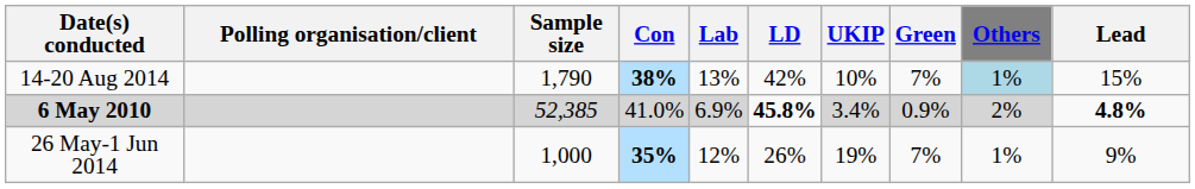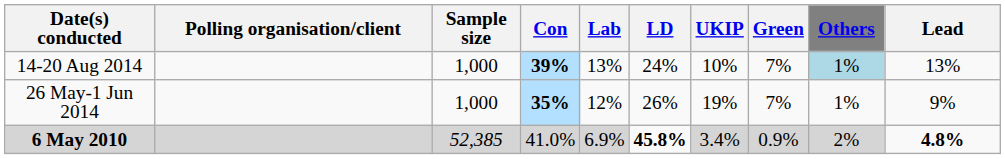 <table class="wikitable sortable" style="text-align:center;font-size:90%;line-height:14px">
 <tr>
 <th ! style="width:105px;">Date(s)<br>conducted</th>
 <th style="width:200px;">Polling organisation/client</th>
 <th class="unsortable" style="width:60px;">Sample size</th>
 <th class="unsortable" style="background:"><a href='#'><span>Con</span></a></th>
 <th class="unsortable" style="background:"><a href='#'><span>Lab</span></a></th>
 <th class="unsortable" style="background:"><a href='#'><span>LD</span></a></th>
 <th class="unsortable" style="background:"><a href='#'><span>UKIP</span></a></th>
 <th class="unsortable" style="background:"><a href='#'><span>Green</span></a></th>
 <th class="unsortable" style="background:gray; width:50px;"><a href='#'><span>Others</span></a></th>
 <th class="unsortable" style="width:80px;">Lead</th>
 </tr>
 <tr>
 <td>14-20 Aug 2014</td>
 <td> </td>
-<td>1,790</td>
-<td style="background:#B3E0FF"><strong>38%</strong></td>
+<td>1,000</td>
+<td style="background:#B3E0FF"><strong>39%</strong></td>
 <td>13%</td>
-<td>42%</td>
+<td>24%</td>
 <td>10%</td>
 <td>7%</td>
 <td style="background: lightblue;">1%</td>
-<td style="background:">15%</td>
+<td style="background:">13%</td>
+</tr>
+<tr>
+<td>26 May-1 Jun 2014</td>
+<td> </td>
+<td>1,000</td>
+<td style="background:#B3E0FF"><strong>35%</strong></td>
+<td>12%</td>
+<td>26%</td>
+<td>19%</td>
+<td>7%</td>
+<td>1%</td>
+<td style="background:">9%</td>
 </tr>
 <tr>
 <td style="background:#D5D5D5"><strong>6 May 2010</strong></td>
 <td style="background:#D5D5D5"></td>
 <td style="background:#D5D5D5"><em>52,385</em></td>
 <td style="background:#D5D5D5">41.0%</td>
 <td style="background:#D5D5D5">6.9%</td>
 <td style="background:"><strong>45.8%</strong></td>
 <td style="background:#D5D5D5">3.4%</td>
 <td style="background:#D5D5D5">0.9%</td>
 <td style="background:#D5D5D5">2%</td>
 <td style="background:"><strong>4.8% </strong></td>
 </tr>
-<tr>
-<td>26 May-1 Jun 2014</td>
-<td> </td>
-<td>1,000</td>
-<td style="background:#B3E0FF"><strong>35%</strong></td>
-<td>12%</td>
-<td>26%</td>
-<td>19%</td>
-<td>7%</td>
-<td>1%</td>
-<td style="background:">9%</td>
-</tr>
 </table>
